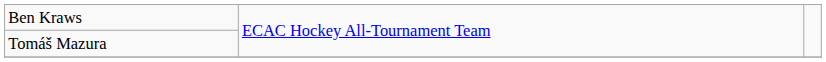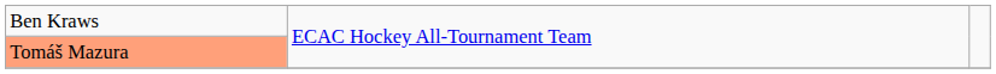 <table class="wikitable" width=40%>
 <tr>
 <td>Ben Kraws</td>
 <td rowspan=2><a href='#'>ECAC Hockey All-Tournament Team</a></td>
 <td rowspan=2></td>
 </tr>
 <tr>
-<td>Tomáš Mazura</td>
+<td style="background: lightsalmon;">Tomáš Mazura</td>
 </tr>
 <tr>
 </tr>
 </table>
